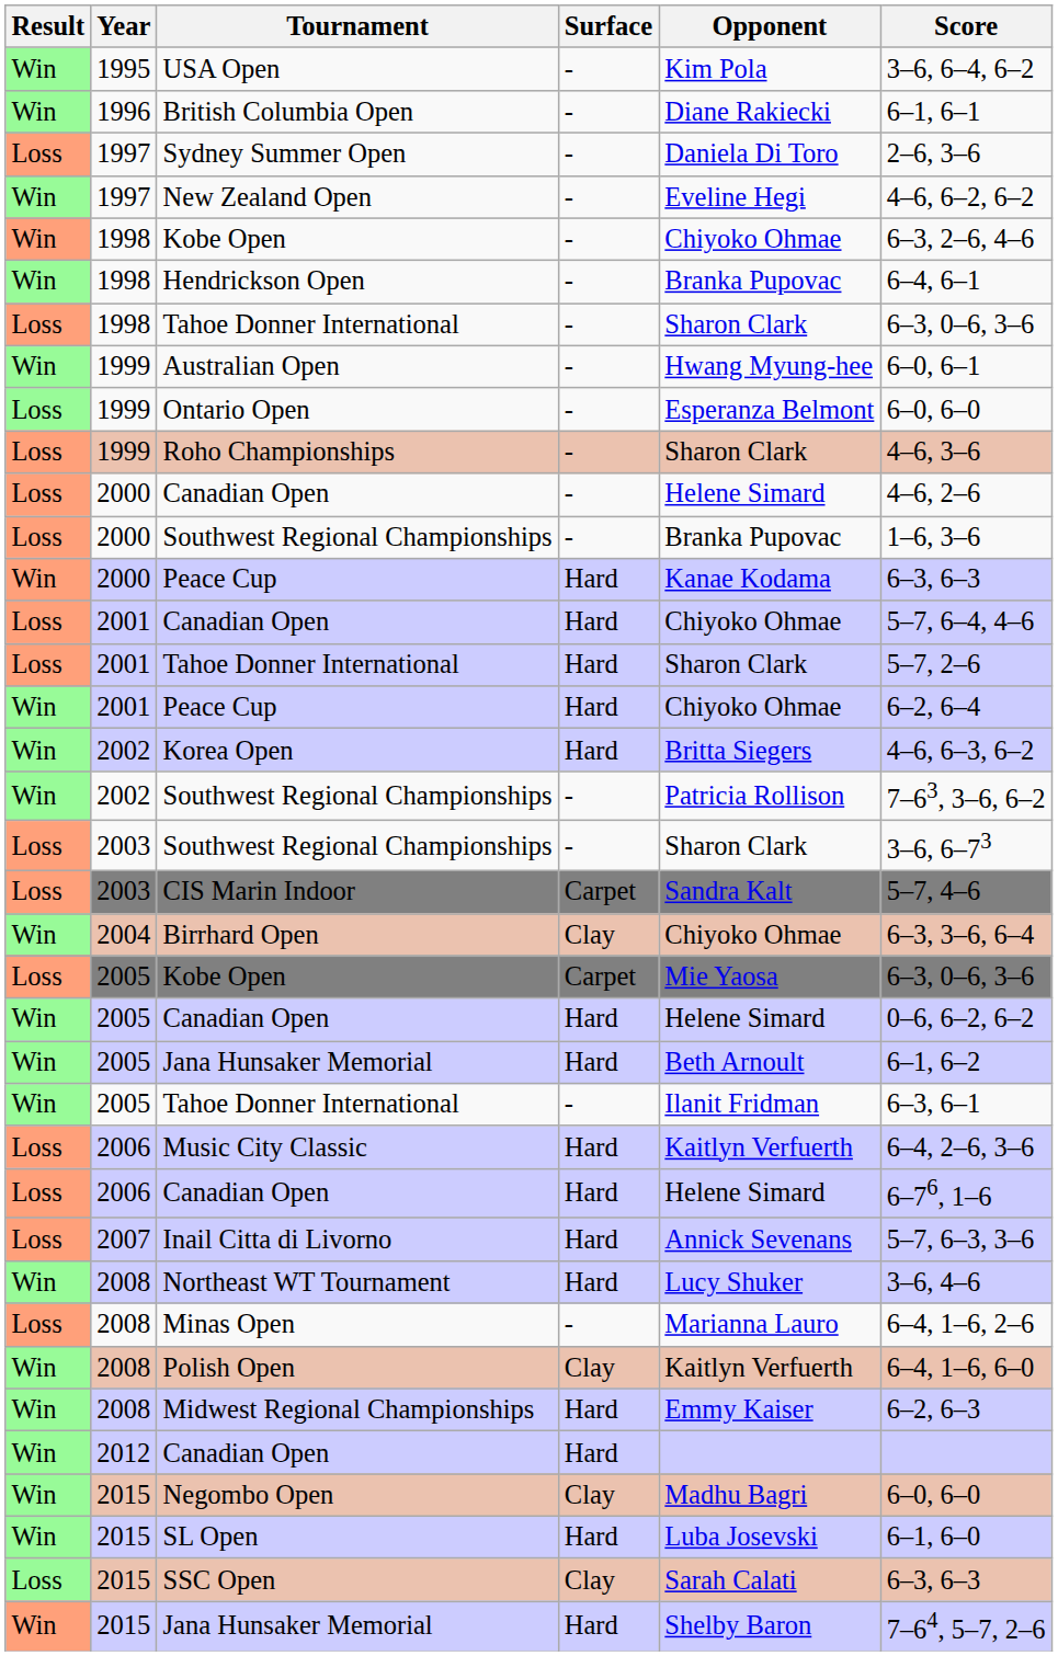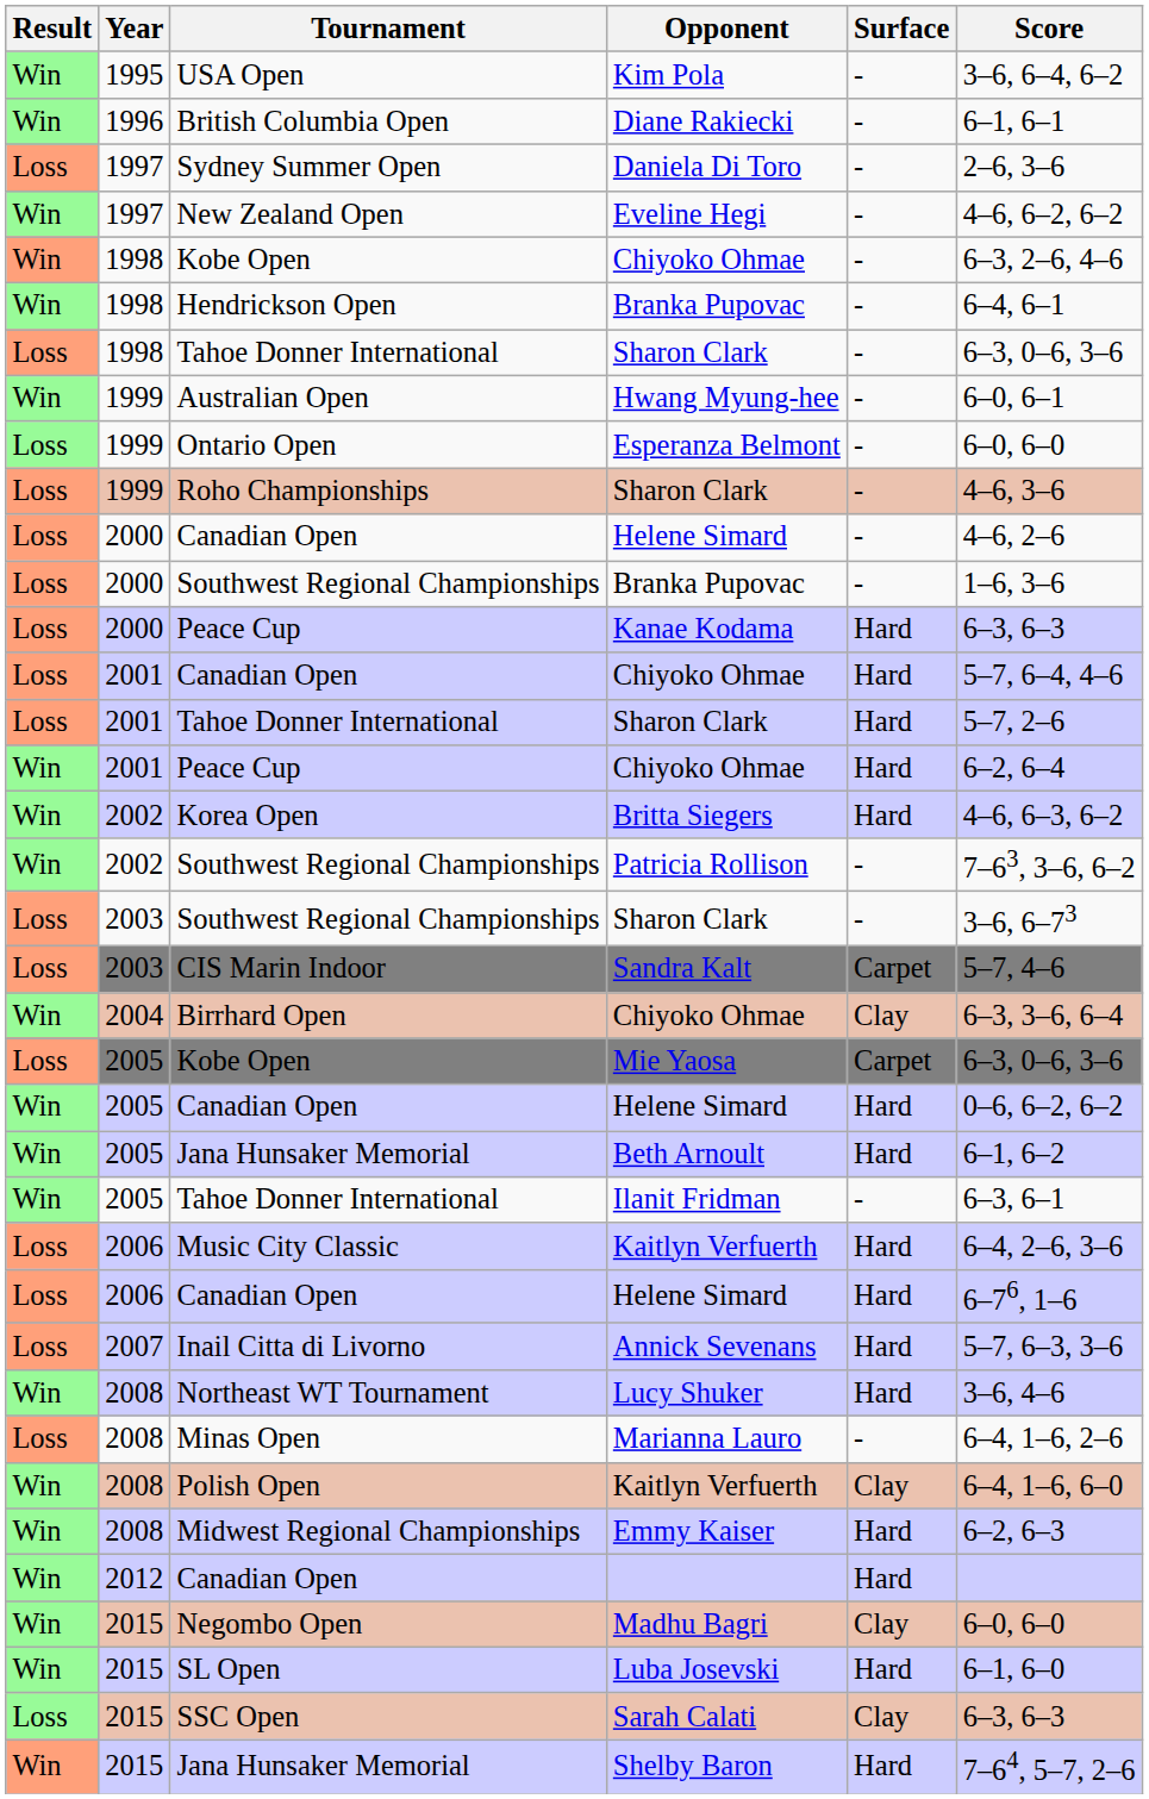 <table class="sortable wikitable">
 <tr>
 <th>Result</th>
 <th>Year</th>
 <th>Tournament</th>
+<th>Opponent</th>
 <th>Surface</th>
-<th>Opponent</th>
 <th class="unsortable">Score</th>
 </tr>
 <tr style="background:">
 <td style="background:#98fb98;">Win</td>
 <td>1995</td>
 <td>USA Open</td>
+<td> <a href='#'>Kim Pola</a></td>
 <td>-</td>
-<td> <a href='#'>Kim Pola</a></td>
 <td>3–6, 6–4, 6–2</td>
 </tr>
 <tr style="background:">
 <td style="background:#98fb98;">Win</td>
 <td>1996</td>
 <td>British Columbia Open</td>
+<td> <a href='#'>Diane Rakiecki</a></td>
 <td>-</td>
-<td> <a href='#'>Diane Rakiecki</a></td>
 <td>6–1, 6–1</td>
 </tr>
 <tr style="background:">
 <td style="background:#ffa07a;">Loss</td>
 <td>1997</td>
 <td>Sydney Summer Open</td>
+<td> <a href='#'>Daniela Di Toro</a></td>
 <td>-</td>
-<td> <a href='#'>Daniela Di Toro</a></td>
 <td>2–6, 3–6</td>
 </tr>
 <tr style="background:">
 <td style="background:#98fb98;">Win</td>
 <td>1997</td>
 <td>New Zealand Open</td>
+<td> <a href='#'>Eveline Hegi</a></td>
 <td>-</td>
-<td> <a href='#'>Eveline Hegi</a></td>
 <td>4–6, 6–2, 6–2</td>
 </tr>
 <tr style="background:">
 <td style="background:#ffa07a;">Win</td>
 <td>1998</td>
 <td>Kobe Open</td>
+<td> <a href='#'>Chiyoko Ohmae</a></td>
 <td>-</td>
-<td> <a href='#'>Chiyoko Ohmae</a></td>
 <td>6–3, 2–6, 4–6</td>
 </tr>
 <tr style="background:">
 <td style="background:#98fb98;">Win</td>
 <td>1998</td>
 <td>Hendrickson Open</td>
+<td> <a href='#'>Branka Pupovac</a></td>
 <td>-</td>
-<td> <a href='#'>Branka Pupovac</a></td>
 <td>6–4, 6–1</td>
 </tr>
 <tr style="background:">
 <td style="background:#ffa07a;">Loss</td>
 <td>1998</td>
 <td>Tahoe Donner International</td>
+<td> <a href='#'>Sharon Clark</a></td>
 <td>-</td>
-<td> <a href='#'>Sharon Clark</a></td>
 <td>6–3, 0–6, 3–6</td>
 </tr>
 <tr style="background:">
 <td style="background:#98fb98;">Win</td>
 <td>1999</td>
 <td>Australian Open</td>
+<td> <a href='#'>Hwang Myung-hee</a></td>
 <td>-</td>
-<td> <a href='#'>Hwang Myung-hee</a></td>
 <td>6–0, 6–1</td>
 </tr>
 <tr style="background:">
 <td style="background:#98fb98;">Loss</td>
 <td>1999</td>
 <td>Ontario Open</td>
+<td> <a href='#'>Esperanza Belmont</a></td>
 <td>-</td>
-<td> <a href='#'>Esperanza Belmont</a></td>
 <td>6–0, 6–0</td>
 </tr>
 <tr style="background:#ebc2af;">
 <td style="background:#ffa07a;">Loss</td>
 <td>1999</td>
 <td>Roho Championships</td>
+<td> Sharon Clark</td>
 <td>-</td>
-<td> Sharon Clark</td>
 <td>4–6, 3–6</td>
 </tr>
 <tr style="background:">
 <td style="background:#ffa07a;">Loss</td>
 <td>2000</td>
 <td>Canadian Open</td>
+<td> <a href='#'>Helene Simard</a></td>
 <td>-</td>
-<td> <a href='#'>Helene Simard</a></td>
 <td>4–6, 2–6</td>
 </tr>
 <tr style="background:">
 <td style="background:#ffa07a;">Loss</td>
 <td>2000</td>
 <td>Southwest Regional Championships</td>
+<td> Branka Pupovac</td>
 <td>-</td>
-<td> Branka Pupovac</td>
 <td>1–6, 3–6</td>
 </tr>
 <tr style="background:#ccf;">
-<td style="background:#ffa07a;">Win</td>
+<td style="background:#ffa07a;">Loss</td>
 <td>2000</td>
 <td>Peace Cup</td>
+<td> <a href='#'>Kanae Kodama</a></td>
 <td>Hard</td>
-<td> <a href='#'>Kanae Kodama</a></td>
 <td>6–3, 6–3</td>
 </tr>
 <tr style="background:#ccf;">
 <td style="background:#ffa07a;">Loss</td>
 <td>2001</td>
 <td>Canadian Open</td>
+<td> Chiyoko Ohmae</td>
 <td>Hard</td>
-<td> Chiyoko Ohmae</td>
 <td>5–7, 6–4, 4–6</td>
 </tr>
 <tr style="background:#ccf;">
 <td style="background:#ffa07a;">Loss</td>
 <td>2001</td>
 <td>Tahoe Donner International</td>
+<td> Sharon Clark</td>
 <td>Hard</td>
-<td> Sharon Clark</td>
 <td>5–7, 2–6</td>
 </tr>
 <tr style="background:#ccf;">
 <td style="background:#98fb98;">Win</td>
 <td>2001</td>
 <td>Peace Cup</td>
+<td> Chiyoko Ohmae</td>
 <td>Hard</td>
-<td> Chiyoko Ohmae</td>
 <td>6–2, 6–4</td>
 </tr>
 <tr style="background:#ccf;">
 <td style="background:#98fb98;">Win</td>
 <td>2002</td>
 <td>Korea Open</td>
+<td> <a href='#'>Britta Siegers</a></td>
 <td>Hard</td>
-<td> <a href='#'>Britta Siegers</a></td>
 <td>4–6, 6–3, 6–2</td>
 </tr>
 <tr style="background:">
 <td style="background:#98fb98;">Win</td>
 <td>2002</td>
 <td>Southwest Regional Championships</td>
+<td> <a href='#'>Patricia Rollison</a></td>
 <td>-</td>
-<td> <a href='#'>Patricia Rollison</a></td>
 <td>7–6<sup>3</sup>, 3–6, 6–2</td>
 </tr>
 <tr style="background:">
 <td style="background:#ffa07a;">Loss</td>
 <td>2003</td>
 <td>Southwest Regional Championships</td>
+<td> Sharon Clark</td>
 <td>-</td>
-<td> Sharon Clark</td>
 <td>3–6, 6–7<sup>3</sup></td>
 </tr>
 <tr style="background:#808080;">
 <td style="background:#ffa07a;">Loss</td>
 <td>2003</td>
 <td>CIS Marin Indoor</td>
+<td> <a href='#'>Sandra Kalt</a></td>
 <td>Carpet</td>
-<td> <a href='#'>Sandra Kalt</a></td>
 <td>5–7, 4–6</td>
 </tr>
 <tr style="background:#ebc2af;">
 <td style="background:#98fb98;">Win</td>
 <td>2004</td>
 <td>Birrhard Open</td>
+<td> Chiyoko Ohmae</td>
 <td>Clay</td>
-<td> Chiyoko Ohmae</td>
 <td>6–3, 3–6, 6–4</td>
 </tr>
 <tr style="background:#808080;">
 <td style="background:#ffa07a;">Loss</td>
 <td>2005</td>
 <td>Kobe Open</td>
+<td> <a href='#'>Mie Yaosa</a></td>
 <td>Carpet</td>
-<td> <a href='#'>Mie Yaosa</a></td>
 <td>6–3, 0–6, 3–6</td>
 </tr>
 <tr style="background:#ccf;">
 <td style="background:#98fb98;">Win</td>
 <td>2005</td>
 <td>Canadian Open</td>
+<td> Helene Simard</td>
 <td>Hard</td>
-<td> Helene Simard</td>
 <td>0–6, 6–2, 6–2</td>
 </tr>
 <tr style="background:#ccf;">
 <td style="background:#98fb98;">Win</td>
 <td>2005</td>
 <td>Jana Hunsaker Memorial</td>
+<td> <a href='#'>Beth Arnoult</a></td>
 <td>Hard</td>
-<td> <a href='#'>Beth Arnoult</a></td>
 <td>6–1, 6–2</td>
 </tr>
 <tr style="background:">
 <td style="background:#98fb98;">Win</td>
 <td>2005</td>
 <td>Tahoe Donner International</td>
+<td> <a href='#'>Ilanit Fridman</a></td>
 <td>-</td>
-<td> <a href='#'>Ilanit Fridman</a></td>
 <td>6–3, 6–1</td>
 </tr>
 <tr style="background:#ccf;">
 <td style="background:#ffa07a;">Loss</td>
 <td>2006</td>
 <td>Music City Classic</td>
+<td> <a href='#'>Kaitlyn Verfuerth</a></td>
 <td>Hard</td>
-<td> <a href='#'>Kaitlyn Verfuerth</a></td>
 <td>6–4, 2–6, 3–6</td>
 </tr>
 <tr style="background:#ccf;">
 <td style="background:#ffa07a;">Loss</td>
 <td>2006</td>
 <td>Canadian Open</td>
+<td> Helene Simard</td>
 <td>Hard</td>
-<td> Helene Simard</td>
 <td>6–7<sup>6</sup>, 1–6</td>
 </tr>
 <tr style="background:#ccf;">
 <td style="background:#ffa07a;">Loss</td>
 <td>2007</td>
 <td>Inail Citta di Livorno</td>
+<td> <a href='#'>Annick Sevenans</a></td>
 <td>Hard</td>
-<td> <a href='#'>Annick Sevenans</a></td>
 <td>5–7, 6–3, 3–6</td>
 </tr>
 <tr style="background:#ccf;">
 <td style="background:#98fb98;">Win</td>
 <td>2008</td>
 <td>Northeast WT Tournament</td>
+<td> <a href='#'>Lucy Shuker</a></td>
 <td>Hard</td>
-<td> <a href='#'>Lucy Shuker</a></td>
 <td>3–6, 4–6</td>
 </tr>
 <tr style="background:">
 <td style="background:#ffa07a;">Loss</td>
 <td>2008</td>
 <td>Minas Open</td>
+<td> <a href='#'>Marianna Lauro</a></td>
 <td>-</td>
-<td> <a href='#'>Marianna Lauro</a></td>
 <td>6–4, 1–6, 2–6</td>
 </tr>
 <tr style="background:#ebc2af;">
 <td style="background:#98fb98;">Win</td>
 <td>2008</td>
 <td>Polish Open</td>
+<td> Kaitlyn Verfuerth</td>
 <td>Clay</td>
-<td> Kaitlyn Verfuerth</td>
 <td>6–4, 1–6, 6–0</td>
 </tr>
 <tr style="background:#ccf;">
 <td style="background:#98fb98;">Win</td>
 <td>2008</td>
 <td>Midwest Regional Championships</td>
+<td> <a href='#'>Emmy Kaiser</a></td>
 <td>Hard</td>
-<td> <a href='#'>Emmy Kaiser</a></td>
 <td>6–2, 6–3</td>
 </tr>
 <tr style="background:#ccf;">
 <td style="background:#98fb98;">Win</td>
 <td>2012</td>
 <td>Canadian Open</td>
+<td></td>
 <td>Hard</td>
-<td></td>
 <td></td>
 </tr>
 <tr style="background:#ebc2af;">
 <td style="background:#98fb98;">Win</td>
 <td>2015</td>
 <td>Negombo Open</td>
+<td> <a href='#'>Madhu Bagri</a></td>
 <td>Clay</td>
-<td> <a href='#'>Madhu Bagri</a></td>
 <td>6–0, 6–0</td>
 </tr>
 <tr style="background:#ccf;">
 <td style="background:#98fb98;">Win</td>
 <td>2015</td>
 <td>SL Open</td>
+<td> <a href='#'>Luba Josevski</a></td>
 <td>Hard</td>
-<td> <a href='#'>Luba Josevski</a></td>
 <td>6–1, 6–0</td>
 </tr>
 <tr style="background:#ebc2af;">
 <td style="background:#98fb98;">Loss</td>
 <td>2015</td>
 <td>SSC Open</td>
+<td> <a href='#'>Sarah Calati</a></td>
 <td>Clay</td>
-<td> <a href='#'>Sarah Calati</a></td>
 <td>6–3, 6–3</td>
 </tr>
 <tr style="background:#ccf;">
 <td style="background:#ffa07a;">Win</td>
 <td>2015</td>
 <td>Jana Hunsaker Memorial</td>
+<td> <a href='#'>Shelby Baron</a></td>
 <td>Hard</td>
-<td> <a href='#'>Shelby Baron</a></td>
 <td>7–6<sup>4</sup>, 5–7, 2–6</td>
 </tr>
 </table>
